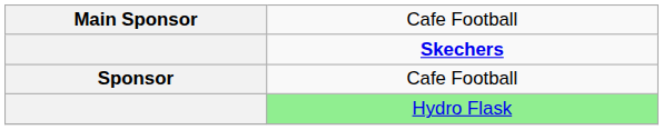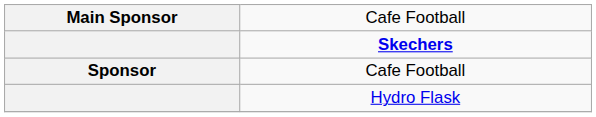 <table class="wikitable" style="width:35em; text-align:center; ">
 <tr>
 <th style="width:40%">Main Sponsor</th>
 <td style="width:60%">Cafe Football</td>
 </tr>
 <tr>
 <th></th>
 <td><strong><a href='#'>Skechers</a></strong></td>
 </tr>
 <tr>
 <th>Sponsor</th>
 <td>Cafe Football</td>
 </tr>
 <tr>
 <th></th>
-<td style="background: lightgreen;"><a href='#'>Hydro Flask</a></td>
+<td><a href='#'>Hydro Flask</a></td>
 </tr>
 <tr>
 </tr>
 </table>
